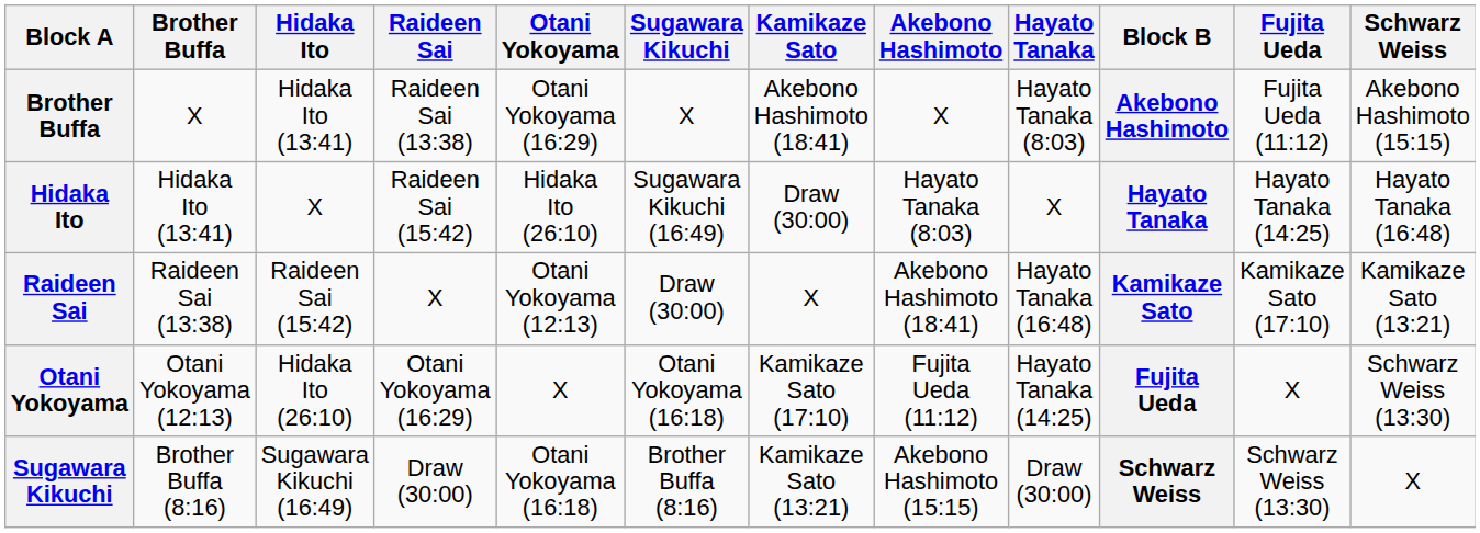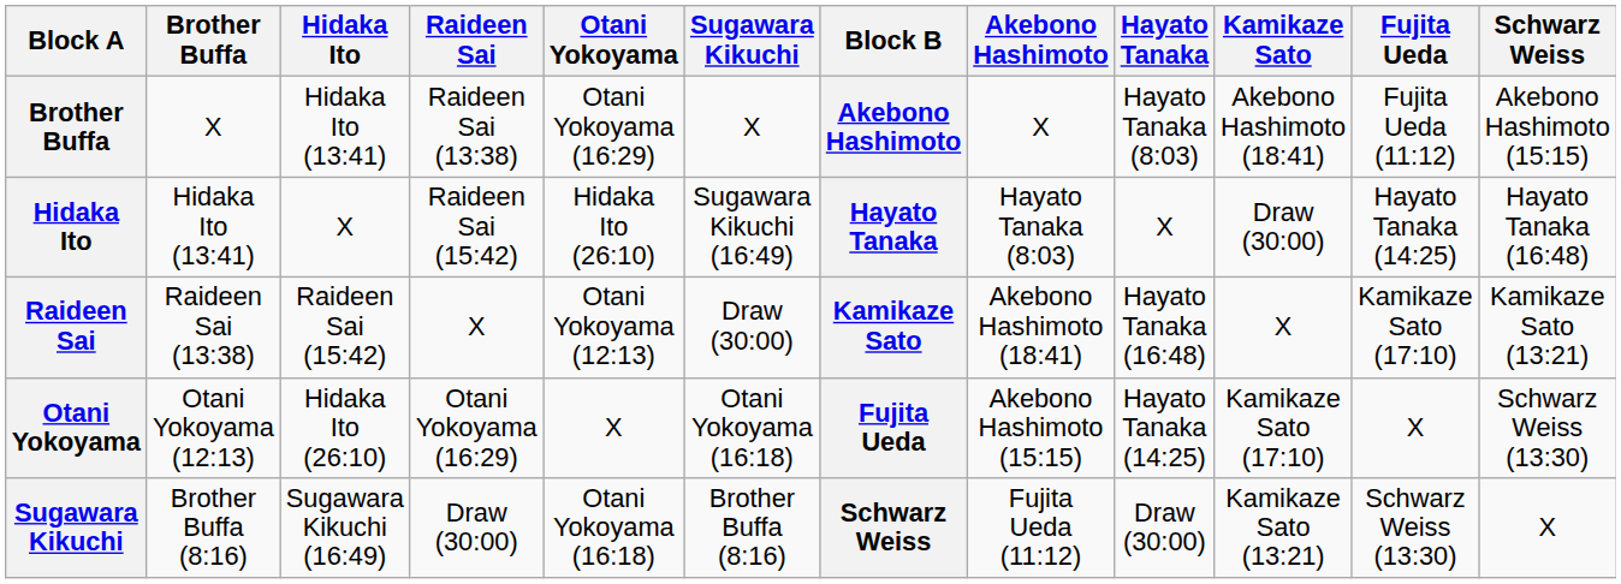 <table class="wikitable" style="text-align:center; margin: 1em auto 1em auto">
 <tr>
 <th>Block A</th>
 <th>Brother<br>Buffa</th>
 <th><a href='#'>Hidaka</a><br>Ito</th>
 <th><a href='#'>Raideen</a><br><a href='#'>Sai</a></th>
 <th><a href='#'>Otani</a><br>Yokoyama</th>
 <th><a href='#'>Sugawara</a><br><a href='#'>Kikuchi</a></th>
-<th><a href='#'>Kamikaze</a><br><a href='#'>Sato</a></th>
+<th>Block B</th>
 <th><a href='#'>Akebono</a><br><a href='#'>Hashimoto</a></th>
 <th><a href='#'>Hayato</a><br><a href='#'>Tanaka</a></th>
-<th>Block B</th>
+<th><a href='#'>Kamikaze</a><br><a href='#'>Sato</a></th>
 <th><a href='#'>Fujita</a><br>Ueda</th>
 <th>Schwarz<br>Weiss</th>
 </tr>
 <tr>
 <th>Brother<br>Buffa</th>
 <td>X</td>
 <td>Hidaka<br>Ito<br>(13:41)</td>
 <td>Raideen<br>Sai<br>(13:38)</td>
 <td>Otani<br>Yokoyama<br>(16:29)</td>
 <td>X</td>
-<td>Akebono<br>Hashimoto<br>(18:41)</td>
+<th><a href='#'>Akebono</a><br><a href='#'>Hashimoto</a></th>
 <td>X</td>
 <td>Hayato<br>Tanaka<br>(8:03)</td>
-<th><a href='#'>Akebono</a><br><a href='#'>Hashimoto</a></th>
+<td>Akebono<br>Hashimoto<br>(18:41)</td>
 <td>Fujita<br>Ueda<br>(11:12)</td>
 <td>Akebono<br>Hashimoto<br>(15:15)</td>
 </tr>
 <tr>
 <th><a href='#'>Hidaka</a><br>Ito</th>
 <td>Hidaka<br>Ito<br>(13:41)</td>
 <td>X</td>
 <td>Raideen<br>Sai<br>(15:42)</td>
 <td>Hidaka<br>Ito<br>(26:10)</td>
 <td>Sugawara<br>Kikuchi<br>(16:49)</td>
-<td>Draw<br>(30:00)</td>
+<th><a href='#'>Hayato</a><br><a href='#'>Tanaka</a></th>
 <td>Hayato<br>Tanaka<br>(8:03)</td>
 <td>X</td>
-<th><a href='#'>Hayato</a><br><a href='#'>Tanaka</a></th>
+<td>Draw<br>(30:00)</td>
 <td>Hayato<br>Tanaka<br>(14:25)</td>
 <td>Hayato<br>Tanaka<br>(16:48)</td>
 </tr>
 <tr>
 <th><a href='#'>Raideen</a><br><a href='#'>Sai</a></th>
 <td>Raideen<br>Sai<br>(13:38)</td>
 <td>Raideen<br>Sai<br>(15:42)</td>
 <td>X</td>
 <td>Otani<br>Yokoyama<br>(12:13)</td>
 <td>Draw<br>(30:00)</td>
-<td>X</td>
+<th><a href='#'>Kamikaze</a><br><a href='#'>Sato</a></th>
 <td>Akebono<br>Hashimoto<br>(18:41)</td>
 <td>Hayato<br>Tanaka<br>(16:48)</td>
-<th><a href='#'>Kamikaze</a><br><a href='#'>Sato</a></th>
+<td>X</td>
 <td>Kamikaze<br>Sato<br>(17:10)</td>
 <td>Kamikaze<br>Sato<br>(13:21)</td>
 </tr>
 <tr>
 <th><a href='#'>Otani</a><br>Yokoyama</th>
 <td>Otani<br>Yokoyama<br>(12:13)</td>
 <td>Hidaka<br>Ito<br>(26:10)</td>
 <td>Otani<br>Yokoyama<br>(16:29)</td>
 <td>X</td>
 <td>Otani<br>Yokoyama<br>(16:18)</td>
+<th><a href='#'>Fujita</a><br>Ueda</th>
+<td>Akebono<br>Hashimoto<br>(15:15)</td>
+<td>Hayato<br>Tanaka<br>(14:25)</td>
 <td>Kamikaze<br>Sato<br>(17:10)</td>
-<td>Fujita<br>Ueda<br>(11:12)</td>
-<td>Hayato<br>Tanaka<br>(14:25)</td>
-<th><a href='#'>Fujita</a><br>Ueda</th>
 <td>X</td>
 <td>Schwarz<br>Weiss<br>(13:30)</td>
 </tr>
 <tr>
 <th><a href='#'>Sugawara</a><br><a href='#'>Kikuchi</a></th>
 <td>Brother<br>Buffa<br>(8:16)</td>
 <td>Sugawara<br>Kikuchi<br>(16:49)</td>
 <td>Draw<br>(30:00)</td>
 <td>Otani<br>Yokoyama<br>(16:18)</td>
 <td>Brother<br>Buffa<br>(8:16)</td>
+<th>Schwarz<br>Weiss</th>
+<td>Fujita<br>Ueda<br>(11:12)</td>
+<td>Draw<br>(30:00)</td>
 <td>Kamikaze<br>Sato<br>(13:21)</td>
-<td>Akebono<br>Hashimoto<br>(15:15)</td>
-<td>Draw<br>(30:00)</td>
-<th>Schwarz<br>Weiss</th>
 <td>Schwarz<br>Weiss<br>(13:30)</td>
 <td>X</td>
 </tr>
 </table>
